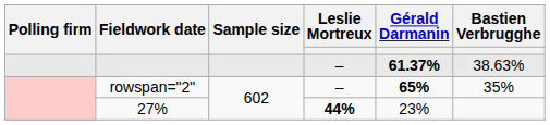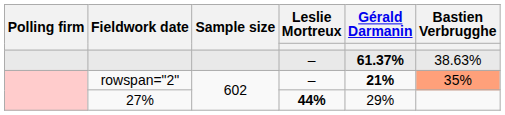 <table class="wikitable sortable" style="text-align:center;font-size:90%;line-height:14px">
 <tr style="height:40px;">
 <th rowspan="2">Polling firm</th>
 <th rowspan="2">Fieldwork date</th>
 <th rowspan="2">Sample size</th>
 <th class="unsortable" style="width:60px">Leslie Mortreux<br></th>
 <th class="unsortable" style="width:60px"><a href='#'>Gérald Darmanin</a><br></th>
 <th class="unsortable" style="width:60px">Bastien Verbrugghe<br></th>
 </tr>
 <tr>
 <th style="background:"></th>
 <th style="background:"></th>
 <th style="background:"></th>
 </tr>
 <tr style="background:#E9E9E9">
 <td></td>
 <td></td>
 <td></td>
 <td>–</td>
 <td style="background-color:#"><strong>61.37%</strong></td>
 <td>38.63%</td>
 </tr>
 <tr>
 <td style="background:#FFCCCC" rowspan="2"></td>
 <td>rowspan="2" </td>
 <td rowspan="2">602</td>
 <td>–</td>
-<td style="background-color:#"><strong>65%</strong></td>
-<td>35%</td>
+<td style="background-color:#"><strong>21%</strong></td>
+<td style="background: lightsalmon;">35%</td>
 </tr>
 <tr>
 <td>27%</td>
 <td style="background-color:#"><strong>44%</strong></td>
-<td>23%</td>
+<td>29%</td>
 </tr>
 </table>
